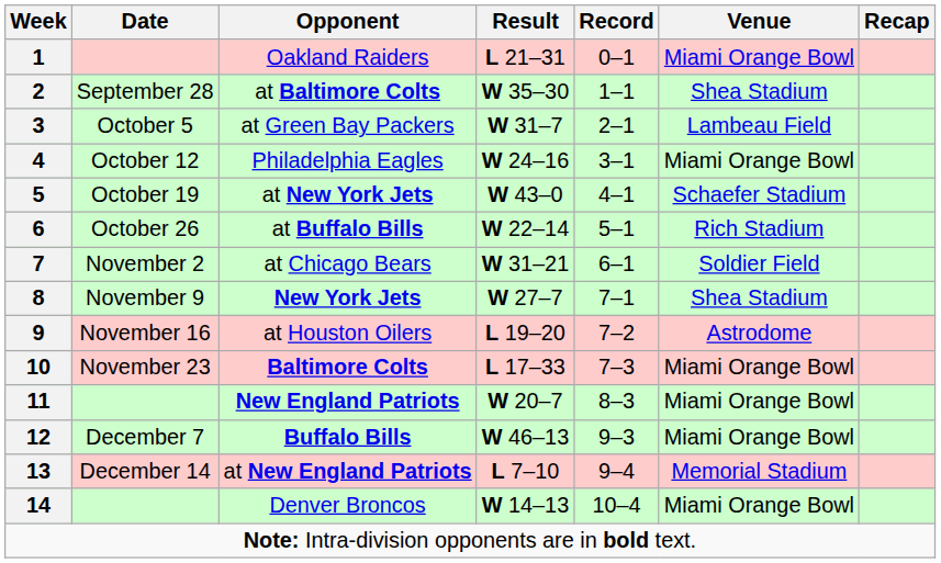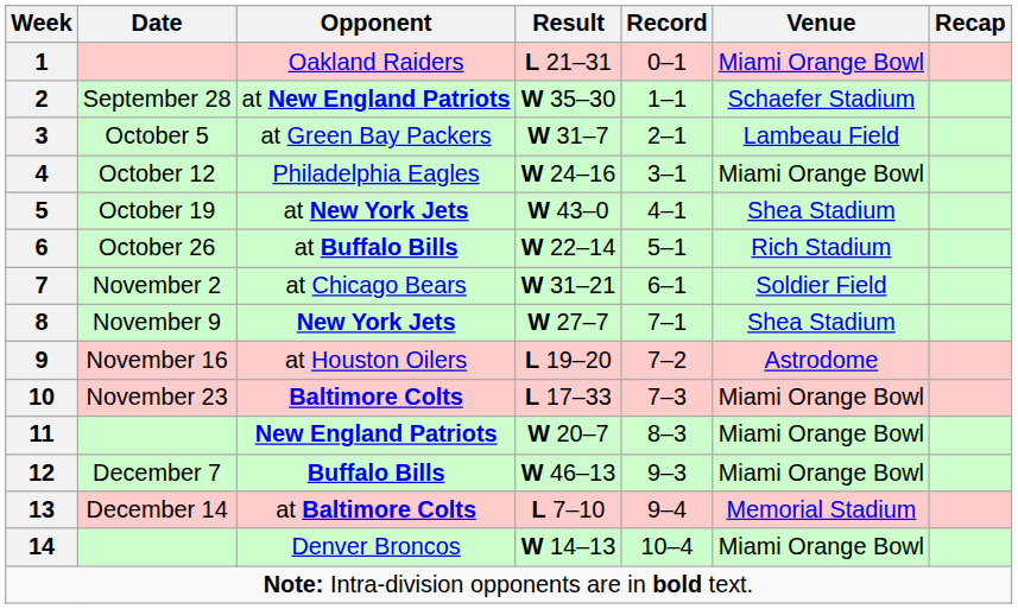 <table class="wikitable" style="text-align:center">
 <tr>
 <th>Week</th>
 <th>Date</th>
 <th>Opponent</th>
 <th>Result</th>
 <th>Record</th>
 <th>Venue</th>
 <th>Recap</th>
 </tr>
 <tr style="background:#fcc">
 <th>1</th>
 <td></td>
 <td><a href='#'>Oakland Raiders</a></td>
 <td><strong>L</strong> 21–31</td>
 <td>0–1</td>
 <td><a href='#'>Miami Orange Bowl</a></td>
 <td></td>
 </tr>
 <tr style="background:#cfc">
 <th>2</th>
 <td>September 28</td>
-<td>at <strong><a href='#'>Baltimore Colts</a></strong></td>
+<td>at <strong><a href='#'>New England Patriots</a></strong></td>
 <td><strong>W</strong> 35–30</td>
 <td>1–1</td>
-<td><a href='#'>Shea Stadium</a></td>
+<td><a href='#'>Schaefer Stadium</a></td>
 <td></td>
 </tr>
 <tr style="background:#cfc">
 <th>3</th>
 <td>October 5</td>
 <td>at <a href='#'>Green Bay Packers</a></td>
 <td><strong>W</strong> 31–7</td>
 <td>2–1</td>
 <td><a href='#'>Lambeau Field</a></td>
 <td></td>
 </tr>
 <tr style="background:#cfc">
 <th>4</th>
 <td>October 12</td>
 <td><a href='#'>Philadelphia Eagles</a></td>
 <td><strong>W</strong> 24–16</td>
 <td>3–1</td>
 <td>Miami Orange Bowl</td>
 <td></td>
 </tr>
 <tr style="background:#cfc">
 <th>5</th>
 <td>October 19</td>
 <td>at <strong><a href='#'>New York Jets</a></strong></td>
 <td><strong>W</strong> 43–0</td>
 <td>4–1</td>
-<td><a href='#'>Schaefer Stadium</a></td>
+<td><a href='#'>Shea Stadium</a></td>
 <td></td>
 </tr>
 <tr style="background:#cfc">
 <th>6</th>
 <td>October 26</td>
 <td>at <strong><a href='#'>Buffalo Bills</a></strong></td>
 <td><strong>W</strong> 22–14</td>
 <td>5–1</td>
 <td><a href='#'>Rich Stadium</a></td>
 <td></td>
 </tr>
 <tr style="background:#cfc">
 <th>7</th>
 <td>November 2</td>
 <td>at <a href='#'>Chicago Bears</a></td>
 <td><strong>W</strong> 31–21</td>
 <td>6–1</td>
 <td><a href='#'>Soldier Field</a></td>
 <td></td>
 </tr>
 <tr style="background:#cfc">
 <th>8</th>
 <td>November 9</td>
 <td><strong><a href='#'>New York Jets</a></strong></td>
 <td><strong>W</strong>  27–7</td>
 <td>7–1</td>
 <td><a href='#'>Shea Stadium</a></td>
 <td></td>
 </tr>
 <tr style="background:#fcc">
 <th>9</th>
 <td>November 16</td>
 <td>at <a href='#'>Houston Oilers</a></td>
 <td><strong>L</strong> 19–20</td>
 <td>7–2</td>
 <td><a href='#'>Astrodome</a></td>
 <td></td>
 </tr>
 <tr style="background:#fcc">
 <th>10</th>
 <td>November 23</td>
 <td><strong><a href='#'>Baltimore Colts</a></strong></td>
 <td><strong>L</strong> 17–33</td>
 <td>7–3</td>
 <td>Miami Orange Bowl</td>
 <td></td>
 </tr>
 <tr style="background:#cfc">
 <th>11</th>
 <td></td>
 <td><strong><a href='#'>New England Patriots</a></strong></td>
 <td><strong>W</strong> 20–7</td>
 <td>8–3</td>
 <td>Miami Orange Bowl</td>
 <td></td>
 </tr>
 <tr style="background:#cfc">
 <th>12</th>
 <td>December 7</td>
 <td><strong><a href='#'>Buffalo Bills</a></strong></td>
 <td><strong>W</strong> 46–13</td>
 <td>9–3</td>
 <td>Miami Orange Bowl</td>
 <td></td>
 </tr>
 <tr style="background:#fcc">
 <th>13</th>
 <td>December 14</td>
-<td>at <strong><a href='#'>New England Patriots</a></strong></td>
+<td>at <strong><a href='#'>Baltimore Colts</a></strong></td>
 <td><strong>L</strong> 7–10 </td>
 <td>9–4</td>
 <td><a href='#'>Memorial Stadium</a></td>
 <td></td>
 </tr>
 <tr style="background:#cfc">
 <th>14</th>
 <td></td>
 <td><a href='#'>Denver Broncos</a></td>
 <td><strong>W</strong> 14–13</td>
 <td>10–4</td>
 <td>Miami Orange Bowl</td>
 <td></td>
 </tr>
 <tr>
 <td colspan="8"><strong>Note:</strong> Intra-division opponents are in <strong>bold</strong> text.</td>
 </tr>
 </table>
